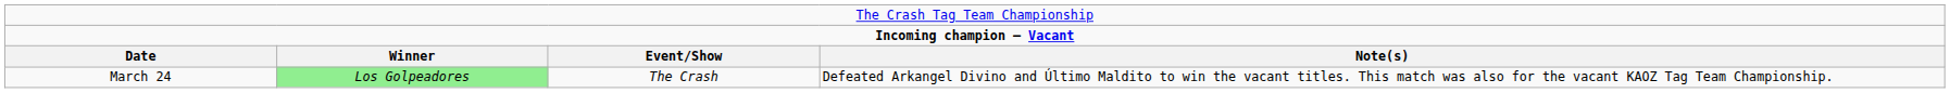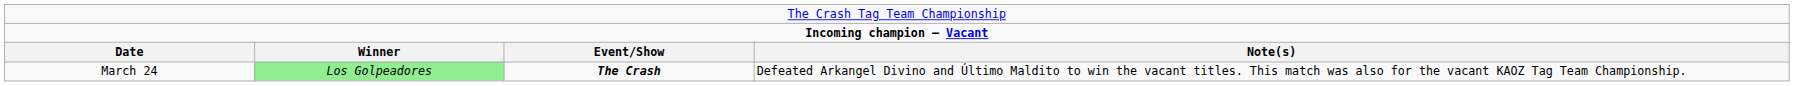 <table class="wikitable" style="text-align:center; width:100%;">
 <tr>
 <td colspan="5" style="text-align: center;"><a href='#'>The Crash Tag Team Championship</a></td>
 </tr>
 <tr>
 <td colspan="5" style="text-align: center;"><strong>Incoming champion – <a href='#'>Vacant</a></strong></td>
 </tr>
 <tr>
 <th width=14%>Date</th>
 <th width=14%>Winner</th>
 <th width=14%>Event/Show</th>
 <th width=58%>Note(s)</th>
 </tr>
 <tr>
 <td>March 24</td>
 <td style="background: lightgreen;"><em>Los Golpeadores</em><br></td>
-<td><em>The Crash</em></td>
+<td><strong><em>The Crash</em></strong></td>
 <td align=left>Defeated Arkangel Divino and Último Maldito to win the vacant titles. This match was also for the vacant KAOZ Tag Team Championship.</td>
 </tr>
 </table>
